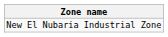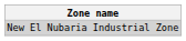 <table class="wikitable">
 <tr>
 <th>Zone name</th>
 </tr>
 <tr>
-<td rowspan="1">New El Nubaria Industrial Zone</td>
+<td rowspan="1" style="background: lightgrey;">New El Nubaria Industrial Zone</td>
 </tr>
 </table>
